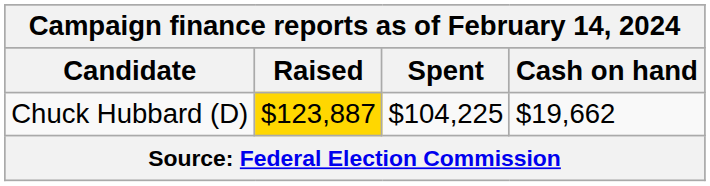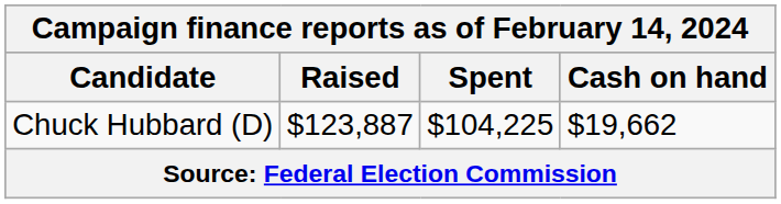 <table class="wikitable sortable">
 <tr>
 <th colspan="4">Campaign finance reports as of February 14, 2024</th>
 </tr>
 <tr style="text-align:center;">
 <th>Candidate</th>
 <th>Raised</th>
 <th>Spent</th>
 <th>Cash on hand</th>
 </tr>
 <tr>
 <td>Chuck Hubbard (D)</td>
-<td style="background: gold;">$123,887</td>
+<td>$123,887</td>
 <td>$104,225</td>
 <td>$19,662</td>
 </tr>
 <tr>
 <th colspan="4"><small>Source: <a href='#'>Federal Election Commission</a></small></th>
 </tr>
 </table>
